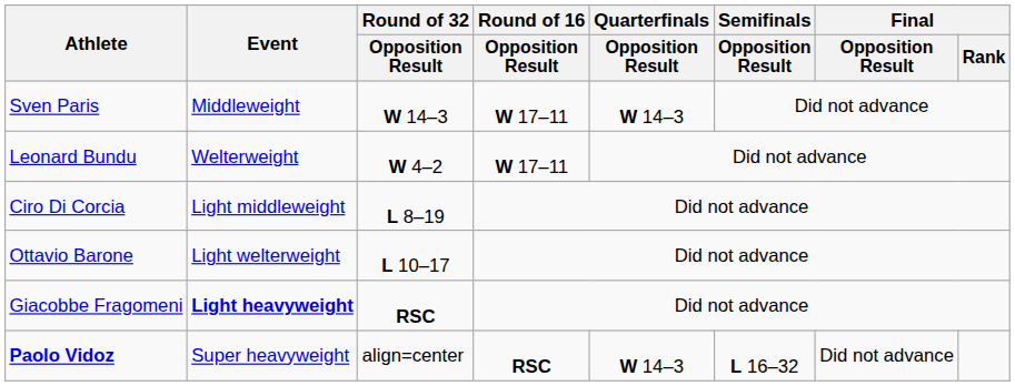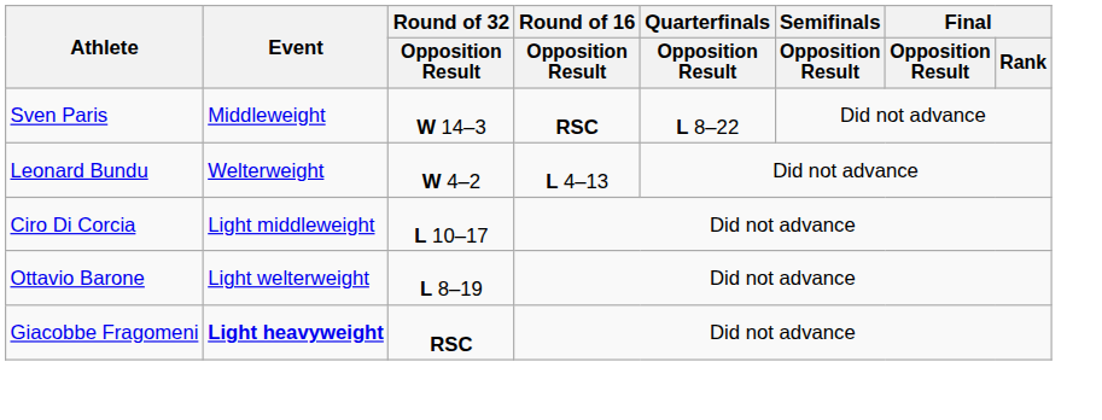 <table class="wikitable" style="font-size:90%">
 <tr>
 <th rowspan="2">Athlete</th>
 <th rowspan="2">Event</th>
 <th>Round of 32</th>
 <th>Round of 16</th>
 <th>Quarterfinals</th>
 <th>Semifinals</th>
 <th colspan=2>Final</th>
 </tr>
 <tr style="font-size:95%">
 <th>Opposition<br>Result</th>
 <th>Opposition<br>Result</th>
 <th>Opposition<br>Result</th>
 <th>Opposition<br>Result</th>
 <th>Opposition<br>Result</th>
 <th>Rank</th>
 </tr>
 <tr>
 <td align=left><a href='#'>Sven Paris</a></td>
 <td align=left><a href='#'>Middleweight</a></td>
 <td align=center><br><strong>W</strong> 14–3</td>
-<td align=center><br><strong>W</strong> 17–11</td>
-<td align=center><br><strong>W</strong> 14–3</td>
+<td align=center><br><strong>RSC</strong></td>
+<td align=center><br><strong>L</strong> 8–22</td>
 <td align=center colspan=3>Did not advance</td>
 </tr>
 <tr>
 <td align=left><a href='#'>Leonard Bundu</a></td>
 <td align=left><a href='#'>Welterweight</a></td>
 <td align=center><br><strong>W</strong> 4–2</td>
-<td align=center><br><strong>W</strong> 17–11</td>
+<td align=center><br><strong>L</strong> 4–13</td>
 <td align=center colspan=4>Did not advance</td>
 </tr>
 <tr>
 <td align=left><a href='#'>Ciro Di Corcia</a></td>
 <td align=left><a href='#'>Light middleweight</a></td>
-<td align=center><br><strong>L</strong> 8–19</td>
+<td align=center><br><strong>L</strong> 10–17</td>
 <td align=center colspan=5>Did not advance</td>
 </tr>
 <tr>
 <td align=left><a href='#'>Ottavio Barone</a></td>
 <td align=left><a href='#'>Light welterweight</a></td>
-<td align=center><br><strong>L</strong> 10–17</td>
+<td align=center><br><strong>L</strong> 8–19</td>
 <td align=center colspan=5>Did not advance</td>
 </tr>
 <tr>
 <td align=left><a href='#'>Giacobbe Fragomeni</a></td>
 <td align=left><strong><a href='#'>Light heavyweight</a></strong></td>
 <td align=center><br><strong>RSC</strong></td>
 <td align=center colspan=5>Did not advance</td>
 </tr>
-<tr>
-<td align=left><strong><a href='#'>Paolo Vidoz</a></strong></td>
-<td align=left><a href='#'>Super heavyweight</a></td>
-<td>align=center </td>
-<td align=center><br><strong>RSC</strong></td>
-<td align=center><br><strong>W</strong> 14–3</td>
-<td align=center><br><strong>L</strong> 16–32</td>
-<td align=center>Did not advance</td>
-<td align=center></td>
-</tr>
 </table>
